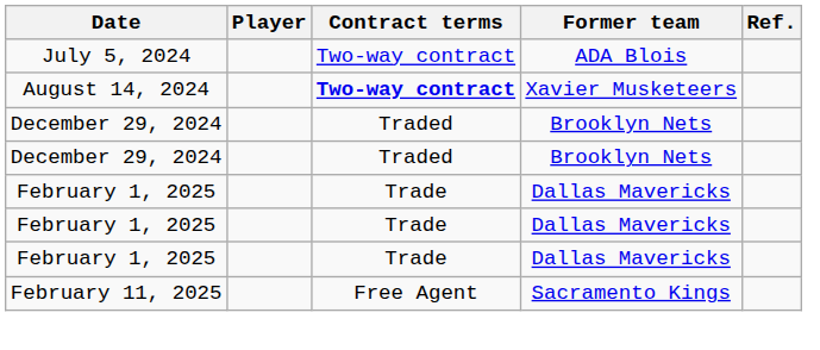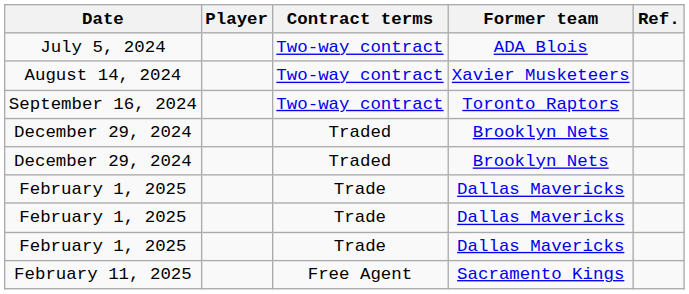 <table class="wikitable sortable sortable" style="text-align: center">
 <tr>
 <th>Date</th>
 <th>Player</th>
 <th>Contract terms</th>
 <th>Former team</th>
 <th>Ref.</th>
 </tr>
 <tr>
 <td>July 5, 2024</td>
 <td></td>
 <td><a href='#'>Two-way contract</a></td>
 <td> <a href='#'>ADA Blois</a></td>
 <td align="center"></td>
 </tr>
 <tr>
 <td>August 14, 2024</td>
 <td></td>
-<td><strong><a href='#'>Two-way contract</a></strong></td>
+<td><a href='#'>Two-way contract</a></td>
 <td><a href='#'>Xavier Musketeers</a></td>
+<td align="center"></td>
+</tr>
+<tr>
+<td>September 16, 2024</td>
+<td></td>
+<td><a href='#'>Two-way contract</a></td>
+<td><a href='#'>Toronto Raptors</a></td>
 <td align="center"></td>
 </tr>
 <tr>
 <td>December 29, 2024</td>
 <td></td>
 <td>Traded</td>
 <td><a href='#'>Brooklyn Nets</a></td>
 <td align="center"></td>
 </tr>
 <tr>
 <td>December 29, 2024</td>
 <td></td>
 <td>Traded</td>
 <td><a href='#'>Brooklyn Nets</a></td>
 <td align="center"></td>
 </tr>
 <tr>
 <td>February 1, 2025</td>
 <td></td>
 <td>Trade</td>
 <td><a href='#'>Dallas Mavericks</a></td>
 <td align="center"></td>
 </tr>
 <tr>
 <td>February 1, 2025</td>
 <td></td>
 <td>Trade</td>
 <td><a href='#'>Dallas Mavericks</a></td>
 <td align="center"></td>
 </tr>
 <tr>
 <td>February 1, 2025</td>
 <td></td>
 <td>Trade</td>
 <td><a href='#'>Dallas Mavericks</a></td>
 <td align="center"></td>
 </tr>
 <tr>
 <td>February 11, 2025</td>
 <td></td>
 <td>Free Agent</td>
 <td><a href='#'>Sacramento Kings</a></td>
 <td align="center"></td>
 </tr>
 </table>
